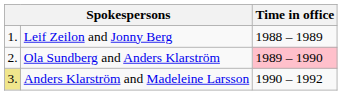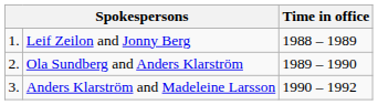 <table class="wikitable">
 <tr>
 <th colspan="2">Spokespersons</th>
 <th>Time in office</th>
 </tr>
 <tr>
 <td>1.</td>
 <td><a href='#'>Leif Zeilon</a> and <a href='#'>Jonny Berg</a></td>
 <td>1988 – 1989</td>
 </tr>
 <tr>
 <td>2.</td>
 <td><a href='#'>Ola Sundberg</a> and <a href='#'>Anders Klarström</a></td>
-<td style="background: pink;">1989 – 1990</td>
+<td>1989 – 1990</td>
 </tr>
 <tr>
-<td style="background: khaki;">3.</td>
+<td>3.</td>
 <td><a href='#'>Anders Klarström</a> and <a href='#'>Madeleine Larsson</a></td>
 <td>1990 – 1992</td>
 </tr>
 </table>
